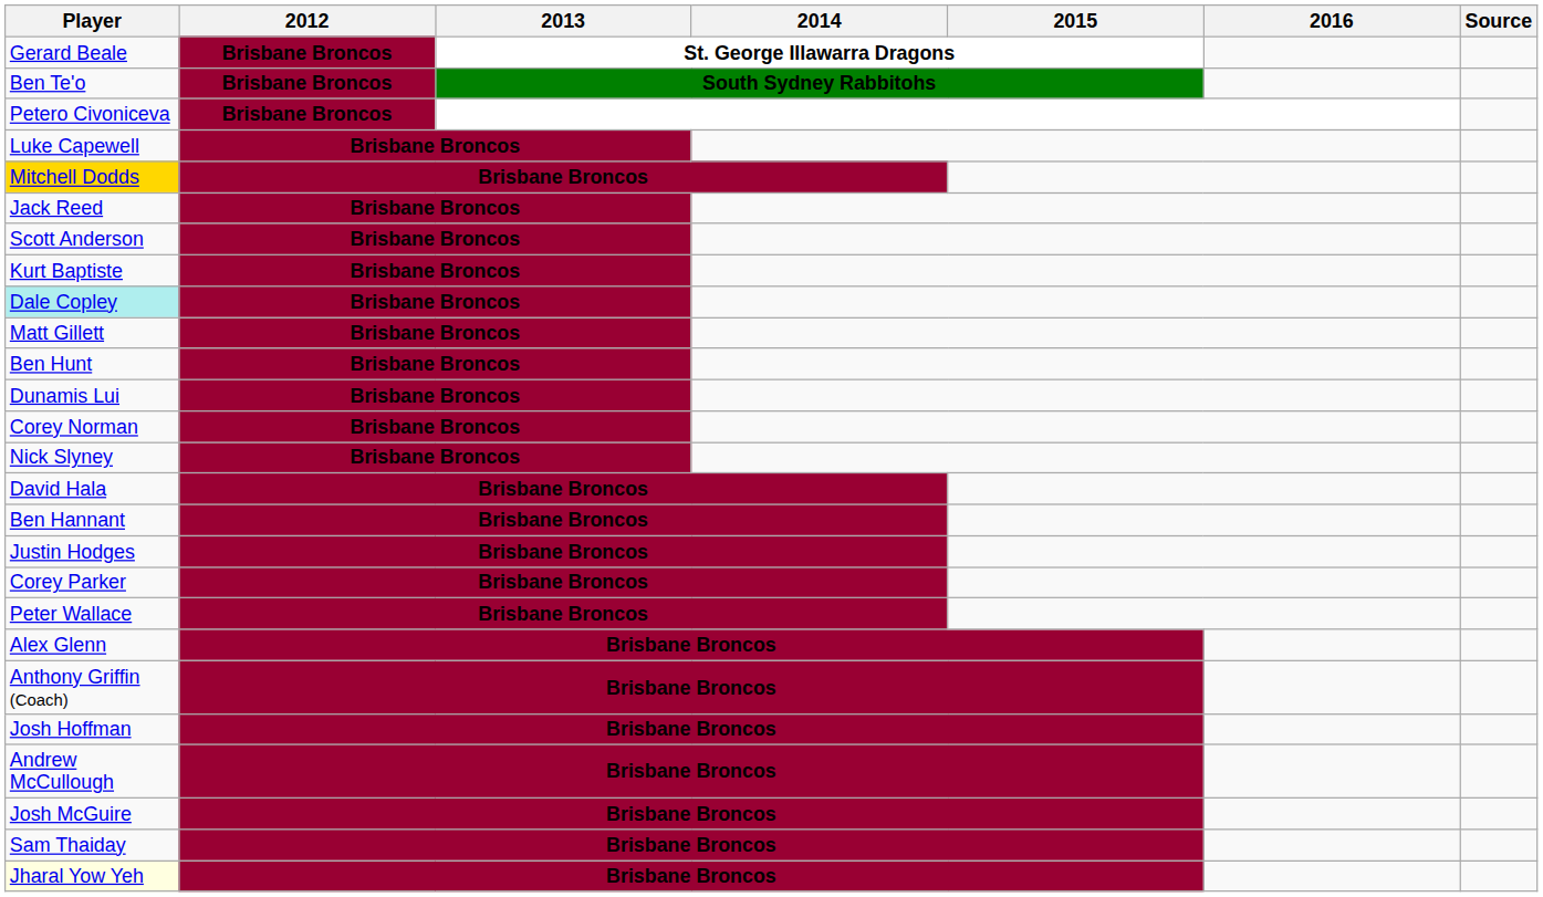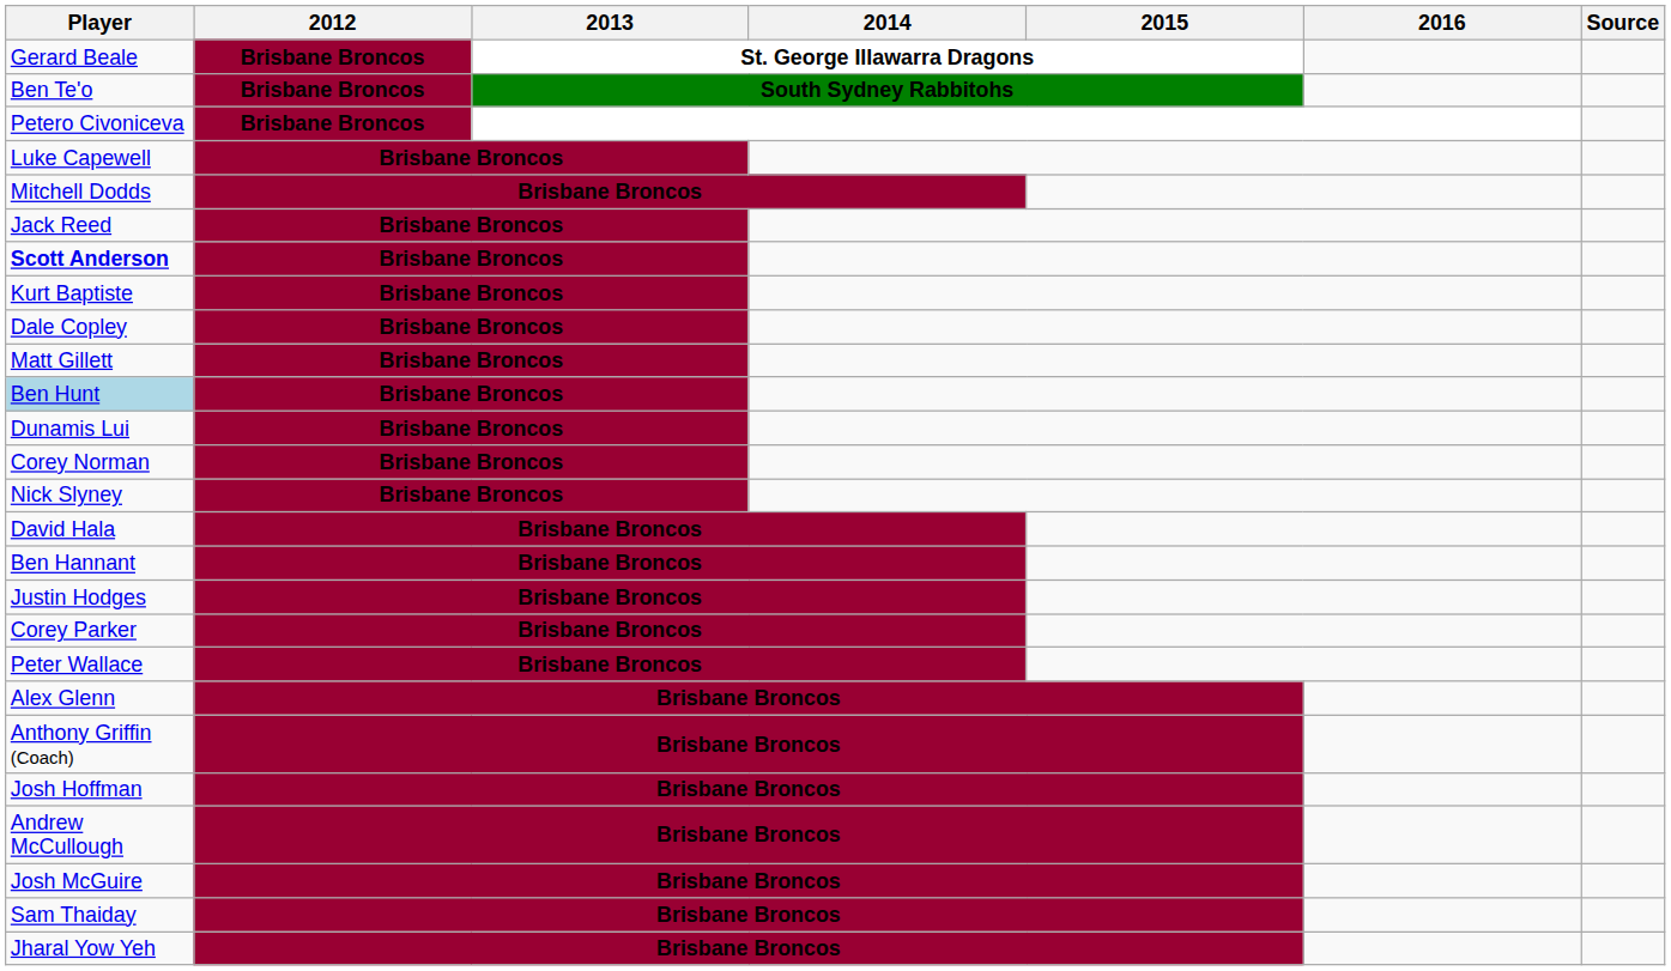 <table class="wikitable" style="font-size:90%">
 <tr>
 <th width="120">Player</th>
 <th width="180">2012</th>
 <th width="180">2013</th>
 <th width="180">2014</th>
 <th width="180">2015</th>
 <th width="180">2016</th>
 <th width="50">Source</th>
 </tr>
 <tr>
 <td><a href='#'>Gerard Beale</a></td>
 <td colspan="1" style="background-color:#990033; text-align:center;"><span><strong>Brisbane Broncos</strong></span></td>
 <td colspan="3" style="background-color:white; text-align:center;"><span><strong>St. George Illawarra Dragons</strong></span></td>
 <td colspan="1"></td>
 <td></td>
 </tr>
 <tr>
 <td><a href='#'>Ben Te'o</a></td>
 <td colspan="1" style="background-color:#990033; text-align:center;"><span><strong>Brisbane Broncos</strong></span></td>
 <td colspan="3" style="background-color:Green; text-align:center;"><span><strong>South Sydney Rabbitohs</strong></span></td>
 <td colspan="1"></td>
 <td></td>
 </tr>
 <tr>
 <td><a href='#'>Petero Civoniceva</a></td>
 <td colspan="1" style="background-color:#990033; text-align:center;"><span><strong>Brisbane Broncos</strong></span></td>
 <td colspan="4" style="background-color:white;"></td>
 <td></td>
 </tr>
 <tr>
 <td><a href='#'>Luke Capewell</a></td>
 <td colspan="2" style="background-color:#990033; text-align:center;"><span><strong>Brisbane Broncos</strong></span></td>
 <td colspan="3"></td>
 <td></td>
 </tr>
 <tr>
-<td style="background: gold;"><a href='#'>Mitchell Dodds</a></td>
+<td><a href='#'>Mitchell Dodds</a></td>
 <td colspan="3" style="background-color:#990033; text-align:center;"><span><strong>Brisbane Broncos</strong></span></td>
 <td colspan="2"></td>
 <td></td>
 </tr>
 <tr>
 <td><a href='#'>Jack Reed</a></td>
 <td colspan="2" style="background-color:#990033; text-align:center;"><span><strong>Brisbane Broncos</strong></span></td>
 <td colspan="3"></td>
 <td></td>
 </tr>
 <tr>
-<td><a href='#'>Scott Anderson</a></td>
+<td><strong><a href='#'>Scott Anderson</a></strong></td>
 <td colspan="2" style="background-color:#990033; text-align:center;"><span><strong>Brisbane Broncos</strong></span></td>
 <td colspan="3"></td>
 <td></td>
 </tr>
 <tr>
 <td><a href='#'>Kurt Baptiste</a></td>
 <td colspan="2" style="background-color:#990033; text-align:center;"><span><strong>Brisbane Broncos</strong></span></td>
 <td colspan="3"></td>
 <td></td>
 </tr>
 <tr>
-<td style="background: paleturquoise;"><a href='#'>Dale Copley</a></td>
+<td><a href='#'>Dale Copley</a></td>
 <td colspan="2" style="background-color:#990033; text-align:center;"><span><strong>Brisbane Broncos</strong></span></td>
 <td colspan="3"></td>
 <td></td>
 </tr>
 <tr>
 <td><a href='#'>Matt Gillett</a></td>
 <td colspan="2" style="background-color:#990033; text-align:center;"><span><strong>Brisbane Broncos</strong></span></td>
 <td colspan="3"></td>
 <td></td>
 </tr>
 <tr>
-<td><a href='#'>Ben Hunt</a></td>
+<td style="background: lightblue;"><a href='#'>Ben Hunt</a></td>
 <td colspan="2" style="background-color:#990033; text-align:center;"><span><strong>Brisbane Broncos</strong></span></td>
 <td colspan="3"></td>
 <td></td>
 </tr>
 <tr>
 <td><a href='#'>Dunamis Lui</a></td>
 <td colspan="2" style="background-color:#990033; text-align:center;"><span><strong>Brisbane Broncos</strong></span></td>
 <td colspan="3"></td>
 <td></td>
 </tr>
 <tr>
 <td><a href='#'>Corey Norman</a></td>
 <td colspan="2" style="background-color:#990033; text-align:center;"><span><strong>Brisbane Broncos</strong></span></td>
 <td colspan="3"></td>
 <td></td>
 </tr>
 <tr>
 <td><a href='#'>Nick Slyney</a></td>
 <td colspan="2" style="background-color:#990033; text-align:center;"><span><strong>Brisbane Broncos</strong></span></td>
 <td colspan="3"></td>
 <td></td>
 </tr>
 <tr>
 <td><a href='#'>David Hala</a></td>
 <td colspan="3" style="background-color:#990033; text-align:center;"><span><strong>Brisbane Broncos</strong></span></td>
 <td colspan="2"></td>
 <td></td>
 </tr>
 <tr>
 <td><a href='#'>Ben Hannant</a></td>
 <td colspan="3" style="background-color:#990033; text-align:center;"><span><strong>Brisbane Broncos</strong></span></td>
 <td colspan="2"></td>
 <td></td>
 </tr>
 <tr>
 <td><a href='#'>Justin Hodges</a></td>
 <td colspan="3" style="background-color:#990033; text-align:center;"><span><strong>Brisbane Broncos</strong></span></td>
 <td colspan="2"></td>
 <td></td>
 </tr>
 <tr>
 <td><a href='#'>Corey Parker</a></td>
 <td colspan="3" style="background-color:#990033; text-align:center;"><span><strong>Brisbane Broncos</strong></span></td>
 <td colspan="2"></td>
 <td></td>
 </tr>
 <tr>
 <td><a href='#'>Peter Wallace</a></td>
 <td colspan="3" style="background-color:#990033; text-align:center;"><span><strong>Brisbane Broncos</strong></span></td>
 <td colspan="2"></td>
 <td></td>
 </tr>
 <tr>
 <td><a href='#'>Alex Glenn</a></td>
 <td colspan="4" style="background-color:#990033; text-align:center;"><span><strong>Brisbane Broncos</strong></span></td>
 <td colspan="1"></td>
 <td></td>
 </tr>
 <tr>
 <td><a href='#'>Anthony Griffin</a> <small>(Coach)</small></td>
 <td colspan="4" style="background-color:#990033; text-align:center;"><span><strong>Brisbane Broncos</strong></span></td>
 <td colspan="1"></td>
 <td></td>
 </tr>
 <tr>
 <td><a href='#'>Josh Hoffman</a></td>
 <td colspan="4" style="background-color:#990033; text-align:center;"><span><strong>Brisbane Broncos</strong></span></td>
 <td colspan="1"></td>
 <td></td>
 </tr>
 <tr>
 <td><a href='#'>Andrew McCullough</a></td>
 <td colspan="4" style="background-color:#990033; text-align:center;"><span><strong>Brisbane Broncos</strong></span></td>
 <td colspan="1"></td>
 <td></td>
 </tr>
 <tr>
 <td><a href='#'>Josh McGuire</a></td>
 <td colspan="4" style="background-color:#990033; text-align:center;"><span><strong>Brisbane Broncos</strong></span></td>
 <td colspan="1"></td>
 <td></td>
 </tr>
 <tr>
 <td><a href='#'>Sam Thaiday</a></td>
 <td colspan="4" style="background-color:#990033; text-align:center;"><span><strong>Brisbane Broncos</strong></span></td>
 <td colspan="1"></td>
 <td></td>
 </tr>
 <tr>
-<td style="background: lightyellow;"><a href='#'>Jharal Yow Yeh</a></td>
+<td><a href='#'>Jharal Yow Yeh</a></td>
 <td colspan="4" style="background-color:#990033; text-align:center;"><span><strong>Brisbane Broncos</strong></span></td>
 <td colspan="1"></td>
 <td></td>
 </tr>
 </table>
